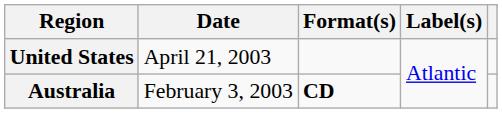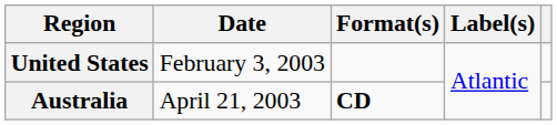 <table class="wikitable plainrowheaders">
 <tr>
 <th scope="col">Region</th>
 <th scope="col">Date</th>
 <th scope="col">Format(s)</th>
 <th scope="col">Label(s)</th>
 <th scope="col"></th>
 </tr>
 <tr>
 <th scope="row">United States</th>
-<td>April 21, 2003</td>
+<td>February 3, 2003</td>
 <td></td>
 <td rowspan="2"><a href='#'>Atlantic</a></td>
 <td></td>
 </tr>
 <tr>
 <th scope="row">Australia</th>
-<td>February 3, 2003</td>
+<td>April 21, 2003</td>
 <td><strong>CD</strong></td>
 <td></td>
 </tr>
 </table>
